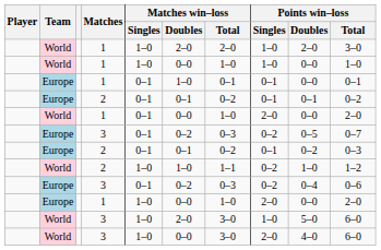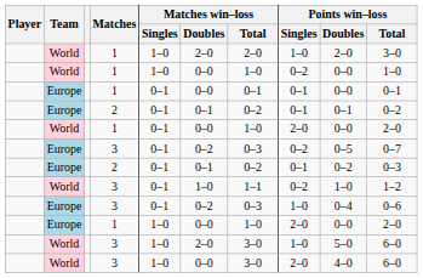 <table class="wikitable mw-datatable sortable nowrap" style="text-align:center">
 <tr>
 <th rowspan=2>Player</th>
 <th rowspan=2 width=40>Team</th>
 <th rowspan=2></th>
 <th rowspan=2 style="border-right: 1pt black solid">Matches</th>
 <th class="unsortable" colspan=3 style="border-right: 1pt black solid">Matches win–loss</th>
 <th class="unsortable" colspan=3>Points win–loss</th>
 </tr>
 <tr>
 <th>Singles</th>
 <th>Doubles</th>
 <th width=60 style="border-right: 1pt black solid">Total</th>
 <th>Singles</th>
 <th>Doubles</th>
 <th width=60>Total</th>
 </tr>
 <tr>
 <td align="left"></td>
 <td bgcolor="ffd1dc">World</td>
 <td align=center></td>
 <td style="border-right: 1pt black solid">1</td>
 <td>1–0</td>
 <td>2–0</td>
 <td style="border-right: 1pt black solid">2–0</td>
 <td>1–0</td>
 <td>2–0</td>
 <td>3–0</td>
 </tr>
 <tr>
 <td align="left"></td>
 <td bgcolor="ffd1dc">World</td>
 <td align=center></td>
 <td style="border-right: 1pt black solid">1</td>
 <td>1–0</td>
 <td>0–0</td>
 <td style="border-right: 1pt black solid">1–0</td>
-<td>1–0</td>
+<td>0–2</td>
 <td>0–0</td>
 <td>1–0</td>
 </tr>
 <tr>
 <td align="left"></td>
 <td bgcolor="lightblue">Europe</td>
 <td align=center></td>
 <td style="border-right: 1pt black solid">1</td>
 <td>0–1</td>
-<td>1–0</td>
+<td>0–0</td>
 <td style="border-right: 1pt black solid">0–1</td>
 <td>0–1</td>
 <td>0–0</td>
 <td>0–1</td>
 </tr>
 <tr>
 <td align="left"></td>
 <td bgcolor="lightblue">Europe</td>
 <td align=center></td>
 <td style="border-right: 1pt black solid">2</td>
 <td>0–1</td>
 <td>0–1</td>
 <td style="border-right: 1pt black solid">0–2</td>
 <td>0–1</td>
 <td>0–1</td>
 <td>0–2</td>
 </tr>
 <tr>
 <td align="left"></td>
 <td bgcolor="ffd1dc">World</td>
 <td align=center></td>
 <td style="border-right: 1pt black solid">1</td>
 <td>0–1</td>
 <td>0–0</td>
 <td style="border-right: 1pt black solid">1–0</td>
 <td>2–0</td>
 <td>0–0</td>
 <td>2–0</td>
 </tr>
 <tr>
 <td align="left"></td>
 <td bgcolor="lightblue">Europe</td>
 <td align=center></td>
 <td style="border-right: 1pt black solid">3</td>
 <td>0–1</td>
 <td>0–2</td>
 <td style="border-right: 1pt black solid">0–3</td>
 <td>0–2</td>
 <td>0–5</td>
 <td>0–7</td>
 </tr>
 <tr>
 <td align="left"></td>
 <td bgcolor="lightblue">Europe</td>
 <td align=center></td>
 <td style="border-right: 1pt black solid">2</td>
 <td>0–1</td>
 <td>0–1</td>
 <td style="border-right: 1pt black solid">0–2</td>
 <td>0–1</td>
 <td>0–2</td>
 <td>0–3</td>
 </tr>
 <tr>
 <td align="left"></td>
 <td bgcolor="ffd1dc">World</td>
 <td align=center></td>
-<td style="border-right: 1pt black solid">2</td>
-<td>1–0</td>
+<td style="border-right: 1pt black solid">3</td>
+<td>0–1</td>
 <td>1–0</td>
 <td style="border-right: 1pt black solid">1–1</td>
 <td>0–2</td>
 <td>1–0</td>
 <td>1–2</td>
 </tr>
 <tr>
 <td align="left"></td>
 <td bgcolor="lightblue">Europe</td>
 <td></td>
 <td style="border-right: 1pt black solid">3</td>
 <td>0–1</td>
 <td>0–2</td>
 <td style="border-right: 1pt black solid">0–3</td>
-<td>0–2</td>
+<td>1–0</td>
 <td>0–4</td>
 <td>0–6</td>
 </tr>
 <tr>
 <td align="left"></td>
 <td bgcolor="lightblue">Europe</td>
 <td align=center></td>
 <td style="border-right: 1pt black solid">1</td>
 <td>1–0</td>
 <td>0–0</td>
 <td style="border-right: 1pt black solid">1–0</td>
 <td>2–0</td>
 <td>0–0</td>
 <td>2–0</td>
 </tr>
 <tr>
 <td align="left"></td>
 <td bgcolor="ffd1dc">World</td>
 <td align=center></td>
 <td style="border-right: 1pt black solid">3</td>
 <td>1–0</td>
 <td>2–0</td>
 <td style="border-right: 1pt black solid">3–0</td>
 <td>1–0</td>
 <td>5–0</td>
 <td>6–0</td>
 </tr>
 <tr>
 <td align="left"></td>
 <td bgcolor="ffd1dc">World</td>
 <td align=center></td>
 <td style="border-right: 1pt black solid">3</td>
 <td>1–0</td>
 <td>0–0</td>
 <td style="border-right: 1pt black solid">3–0</td>
 <td>2–0</td>
 <td>4–0</td>
 <td>6–0</td>
 </tr>
 </table>
